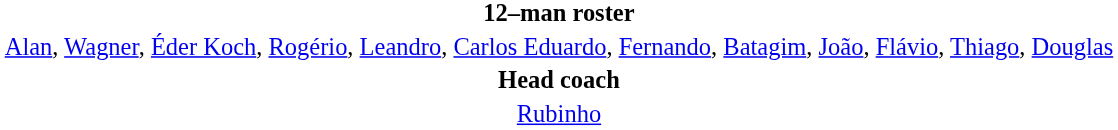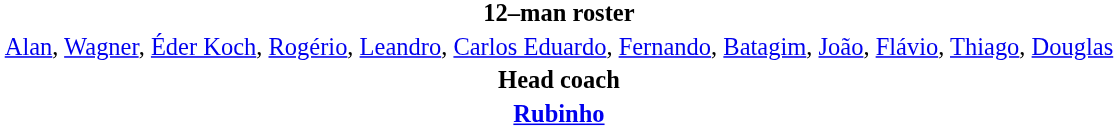 <table style="text-align: center; margin-top: 2em; margin-left: auto; margin-right: auto">
 <tr>
 <td><strong>12–man roster</strong></td>
 </tr>
 <tr>
 <td><a href='#'>Alan</a>, <a href='#'>Wagner</a>, <a href='#'>Éder Koch</a>, <a href='#'>Rogério</a>, <a href='#'>Leandro</a>, <a href='#'>Carlos Eduardo</a>, <a href='#'>Fernando</a>, <a href='#'>Batagim</a>, <a href='#'>João</a>, <a href='#'>Flávio</a>, <a href='#'>Thiago</a>, <a href='#'>Douglas</a></td>
 </tr>
 <tr>
 <td><strong>Head coach</strong></td>
 </tr>
 <tr>
-<td><a href='#'>Rubinho</a></td>
+<td><strong><a href='#'>Rubinho</a></strong></td>
 </tr>
 </table>
